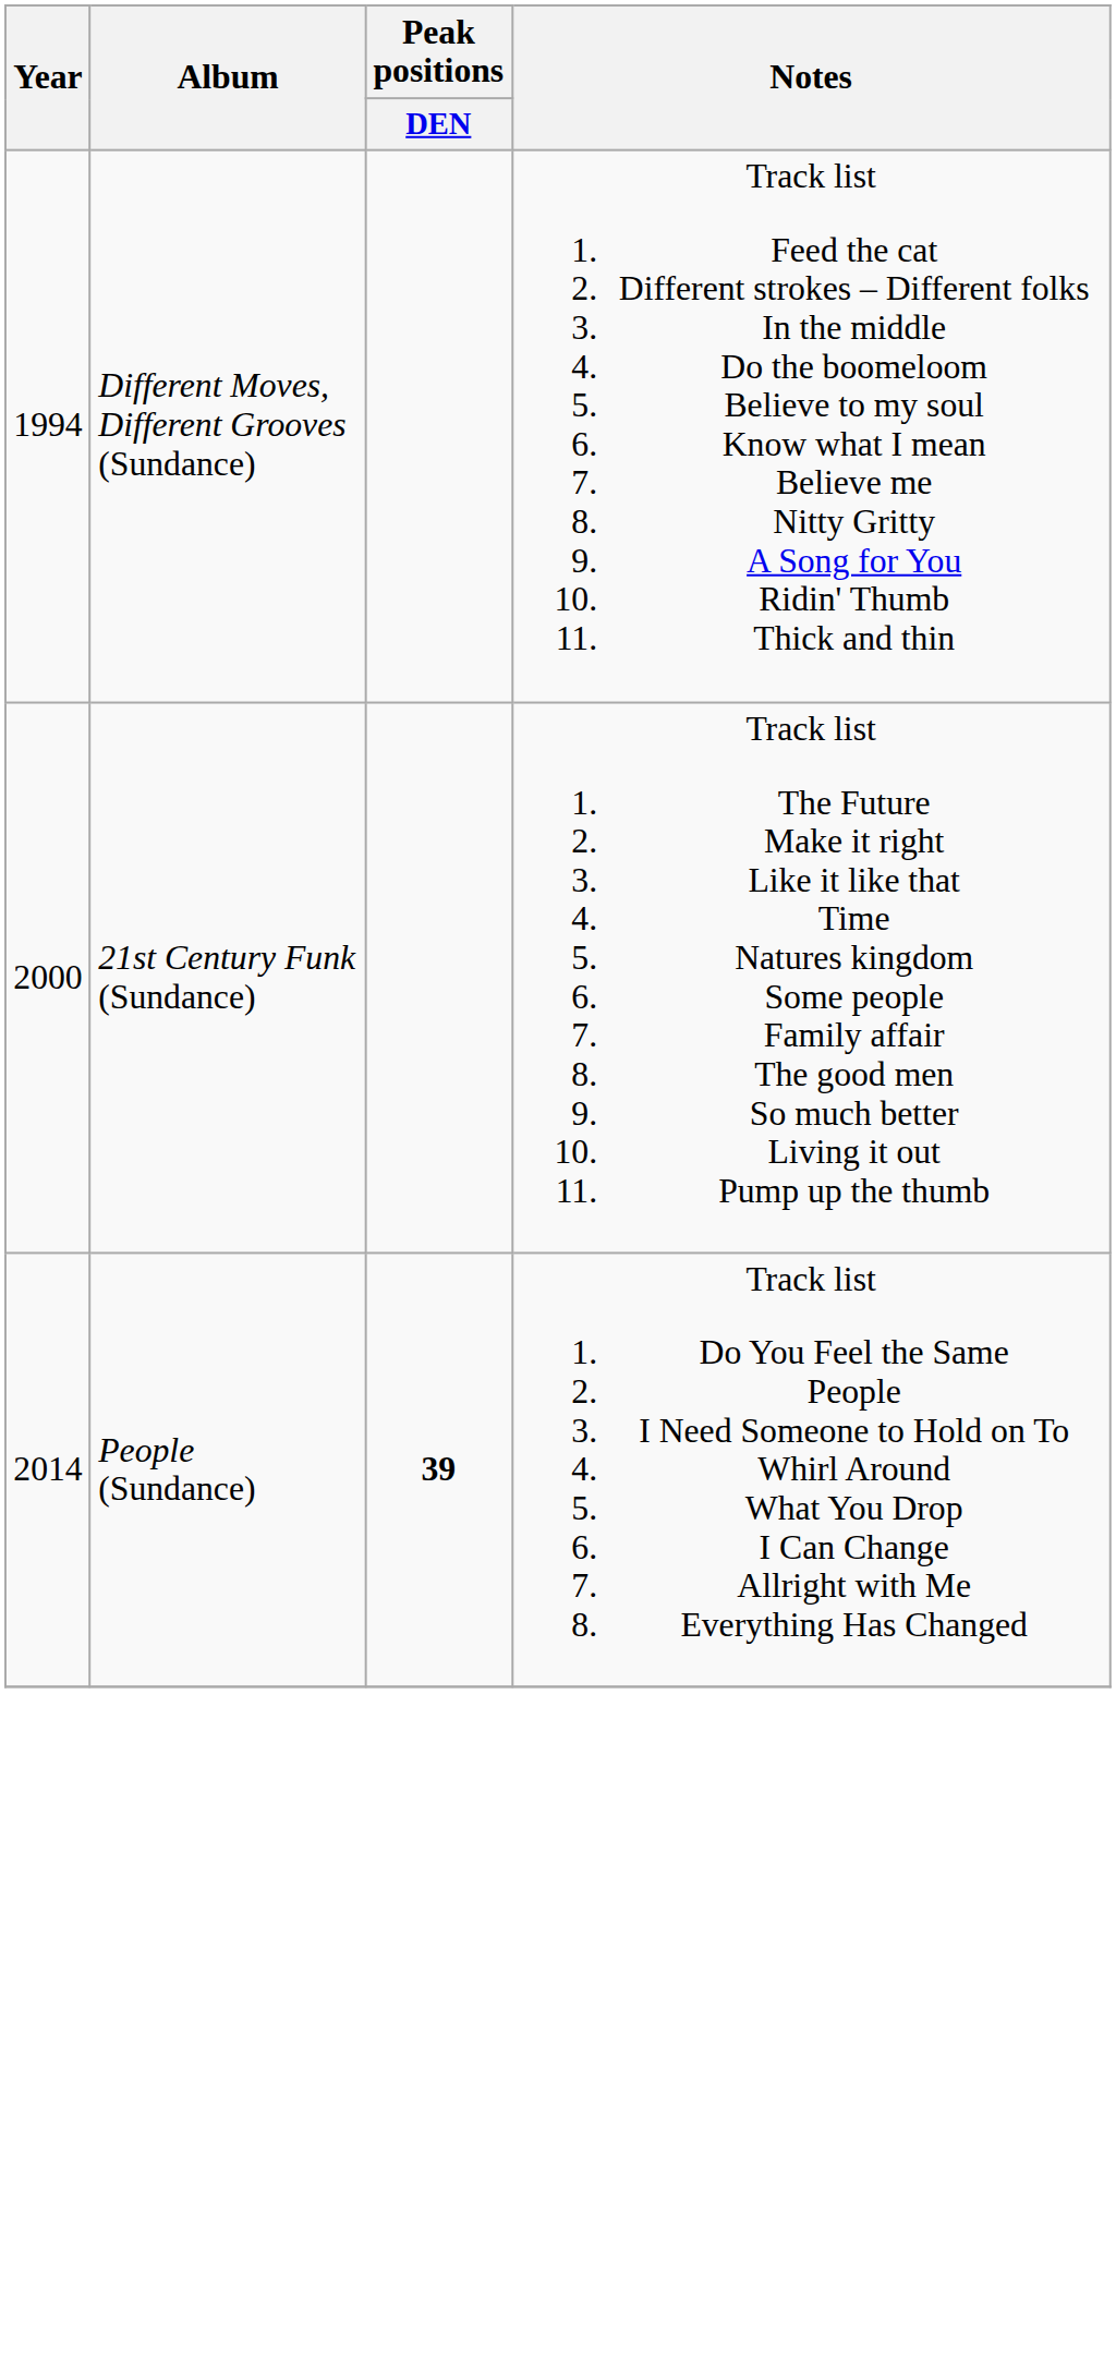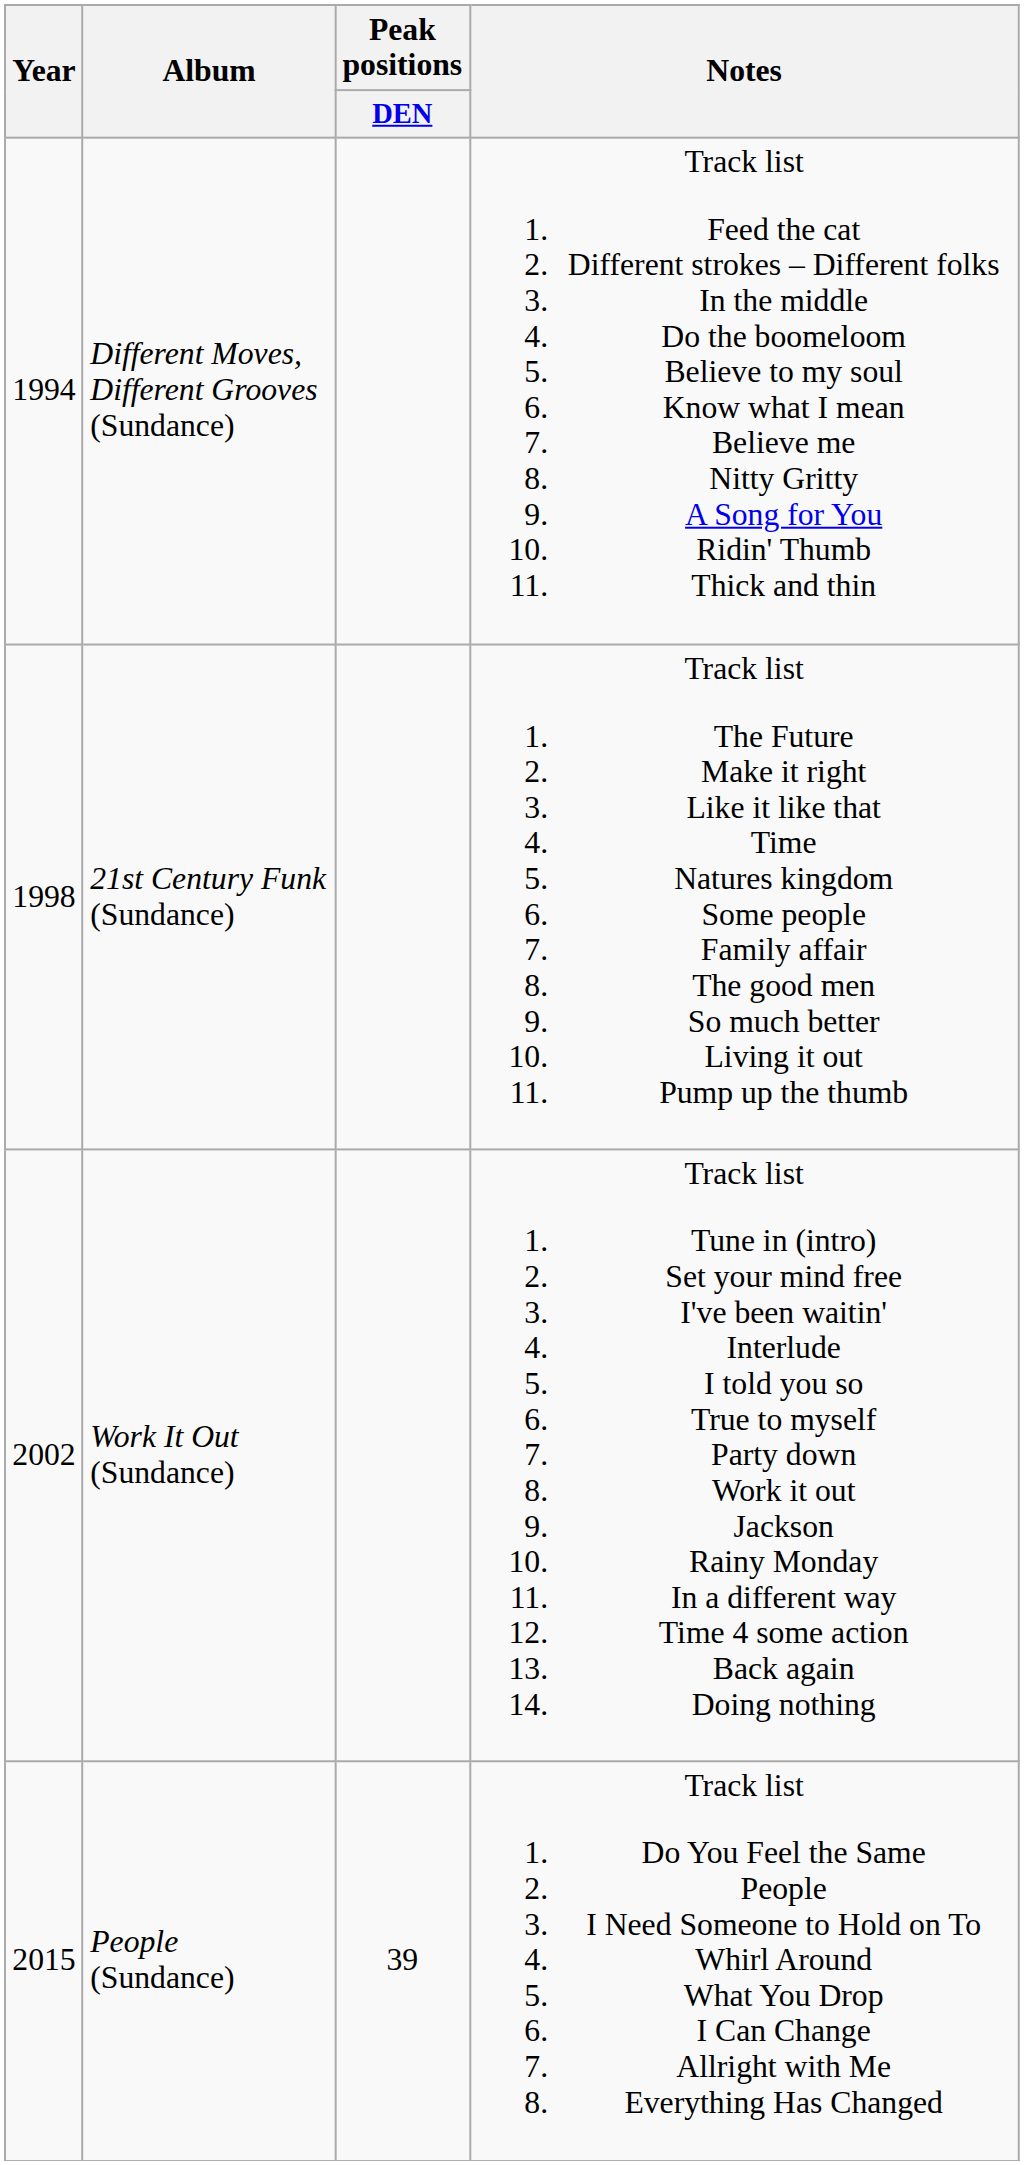 <table class="wikitable">
 <tr>
 <th align="center" rowspan="2" width="10">Year</th>
 <th align="center" rowspan="2" width="120">Album</th>
 <th align="center" colspan="1" width="20">Peak positions</th>
 <th align="center" rowspan="2" width="270">Notes</th>
 </tr>
 <tr>
 <th scope="col" style="width:3em;font-size:90%;"><a href='#'>DEN</a><br></th>
 </tr>
 <tr>
 <td style="text-align:center;">1994</td>
 <td><em>Different Moves, Different Grooves</em> (Sundance)</td>
 <td style="text-align:center;"></td>
 <td style="text-align:center;">Track list<br><ol><li>Feed the cat</li><li>Different strokes – Different folks</li><li>In the middle</li><li>Do the boomeloom</li><li>Believe to my soul</li><li>Know what I mean</li><li>Believe me</li><li>Nitty Gritty</li><li><a href='#'>A Song for You</a></li><li>Ridin' Thumb</li><li>Thick and thin</li></ol></td>
 </tr>
 <tr>
-<td style="text-align:center;">2000</td>
+<td style="text-align:center;">1998</td>
 <td><em>21st Century Funk</em> (Sundance)</td>
 <td style="text-align:center;"></td>
 <td style="text-align:center;">Track list<br><ol><li>The Future</li><li>Make it right</li><li>Like it like that</li><li>Time</li><li>Natures kingdom</li><li>Some people</li><li>Family affair</li><li>The good men</li><li>So much better</li><li>Living it out</li><li>Pump up the thumb</li></ol></td>
 </tr>
 <tr>
-<td style="text-align:center;">2014</td>
+<td style="text-align:center;">2002</td>
+<td><em>Work It Out</em> (Sundance)</td>
+<td style="text-align:center;"></td>
+<td style="text-align:center;">Track list<br><ol><li>Tune in (intro)</li><li>Set your mind free</li><li>I've been waitin'</li><li>Interlude</li><li>I told you so</li><li>True to myself</li><li>Party down</li><li>Work it out</li><li>Jackson</li><li>Rainy Monday</li><li>In a different way</li><li>Time 4 some action</li><li>Back again</li><li>Doing nothing</li></ol></td>
+</tr>
+<tr>
+<td style="text-align:center;">2015</td>
 <td><em>People</em> (Sundance)</td>
-<td style="text-align:center;"><strong>39</strong></td>
+<td style="text-align:center;">39</td>
 <td style="text-align:center;">Track list<br><ol><li>Do You Feel the Same</li><li>People</li><li>I Need Someone to Hold on To</li><li>Whirl Around</li><li>What You Drop</li><li>I Can Change</li><li>Allright with Me</li><li>Everything Has Changed</li></ol></td>
 </tr>
 <tr>
 </tr>
 </table>
